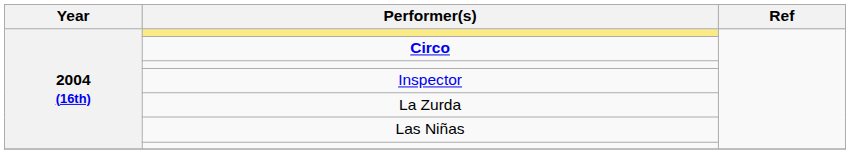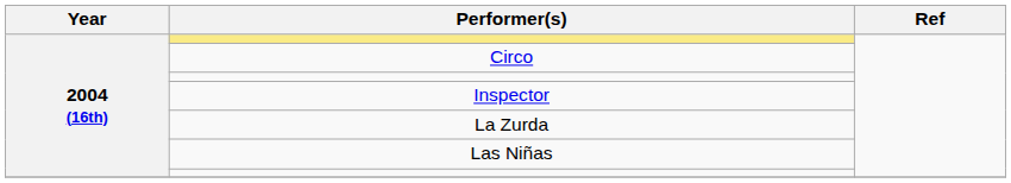 <table class="wikitable sortable" style="text-align:center;">
 <tr style="background:#bebebe;">
 <th scope="col" style="width:1%;">Year</th>
 <th scope="col" style="width:5%;">Performer(s)</th>
 <th scope="col" style="width:1%;" class="unsortable">Ref</th>
 </tr>
 <tr>
 <th scope="row" rowspan=7>2004 <br><small><a href='#'>(16th)</a></small></th>
 <td style="background:#FAEB86"></td>
 <td rowspan=7></td>
 </tr>
 <tr>
-<td><strong><a href='#'>Circo</a></strong></td>
+<td><a href='#'>Circo</a></td>
 </tr>
 <tr>
 <td></td>
 </tr>
 <tr>
 <td><a href='#'>Inspector</a></td>
 </tr>
 <tr>
 <td>La Zurda</td>
 </tr>
 <tr>
 <td>Las Niñas</td>
 </tr>
 <tr>
 <td></td>
 </tr>
 <tr>
 </tr>
 </table>
